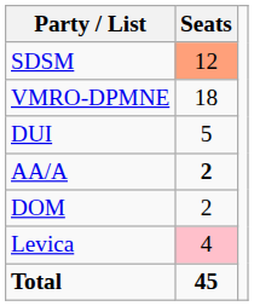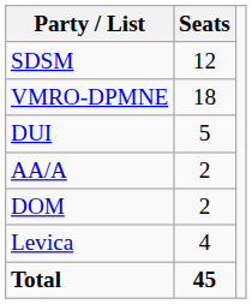 <table class="wikitable">
 <tr>
 <th><strong>Party / List</strong></th>
 <th><strong>Seats</strong></th>
 <td rowspan="8"></td>
 </tr>
 <tr style="text-align:center;">
 <td style="text-align:left;"><a href='#'>SDSM</a></td>
-<td style="background: lightsalmon;">12</td>
+<td>12</td>
 </tr>
 <tr style="text-align:center;">
 <td style="text-align:left;"><a href='#'>VMRO-DPMNE</a></td>
 <td>18</td>
 </tr>
 <tr style="text-align:center;">
 <td style="text-align:left;"><a href='#'>DUI</a></td>
 <td>5</td>
 </tr>
 <tr style="text-align:center;">
 <td style="text-align:left;"><a href='#'>AA/A</a></td>
-<td><strong>2</strong></td>
+<td>2</td>
 </tr>
 <tr style="text-align:center;">
 <td style="text-align:left;"><a href='#'>DOM</a></td>
 <td>2</td>
 </tr>
 <tr style="text-align:center;">
 <td style="text-align:left;"><a href='#'>Levica</a></td>
-<td style="background: pink;">4</td>
+<td>4</td>
 </tr>
 <tr>
 <td><strong>Total</strong></td>
 <td style="text-align:center;"><strong>45</strong></td>
 </tr>
 </table>
